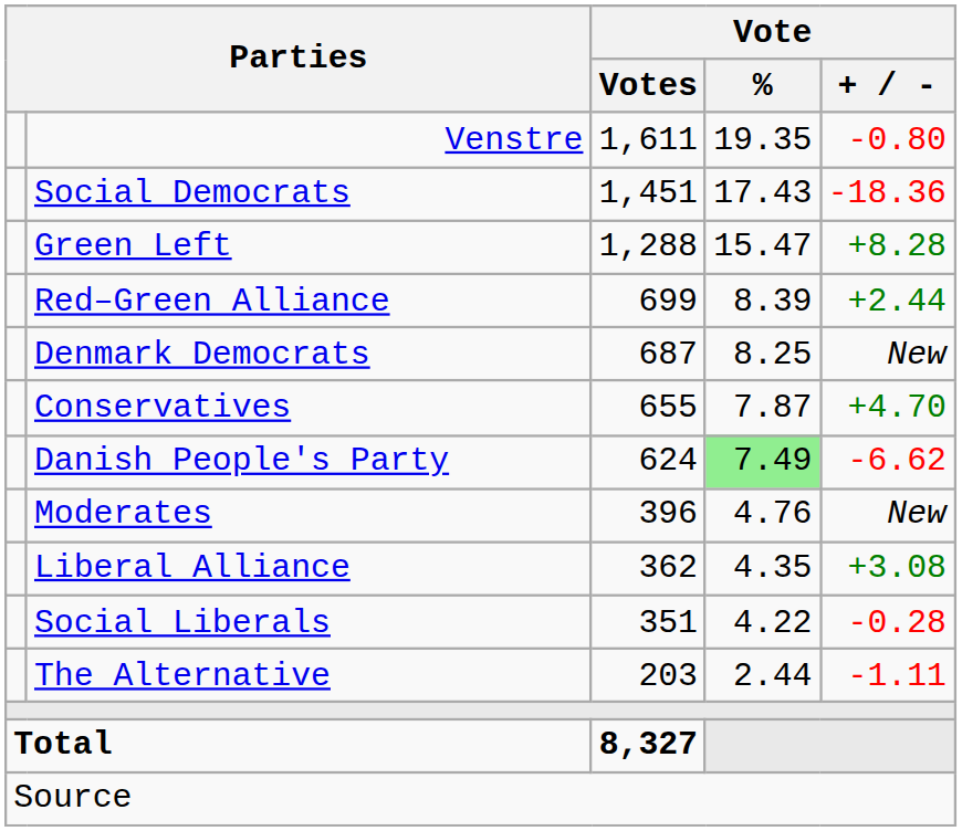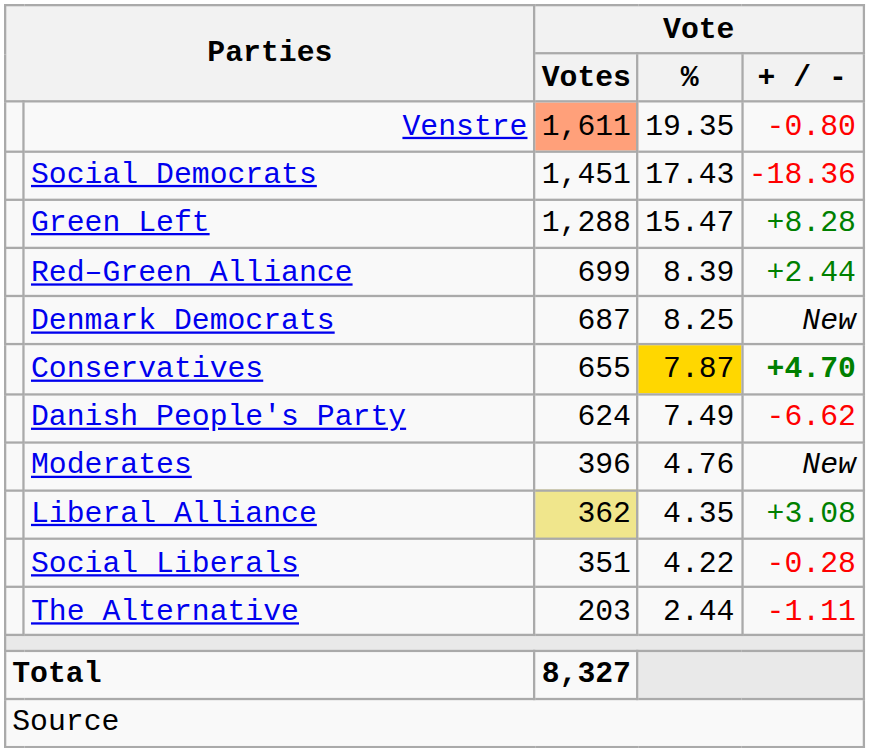 <table class="wikitable" style="text-align:right;">
 <tr>
 <th style="text-align:centre;" rowspan="2" colspan="2" width="225">Parties</th>
 <th colspan="3">Vote</th>
 </tr>
 <tr>
 <th width="15">Votes</th>
 <th width="15">%</th>
 <th width="15">+ / -</th>
 </tr>
 <tr>
 <td width=2 bgcolor=></td>
 <td><a href='#'>Venstre</a></td>
-<td>1,611</td>
+<td style="background: lightsalmon;">1,611</td>
 <td>19.35</td>
 <td style=color:red;>-0.80</td>
 </tr>
 <tr>
 <td width=2 bgcolor=></td>
 <td align=left><a href='#'>Social Democrats</a></td>
 <td>1,451</td>
 <td>17.43</td>
 <td style=color:red;>-18.36</td>
 </tr>
 <tr>
 <td width=2 bgcolor=></td>
 <td align=left><a href='#'>Green Left</a></td>
 <td>1,288</td>
 <td>15.47</td>
 <td style=color:green;>+8.28</td>
 </tr>
 <tr>
 <td width=2 bgcolor=></td>
 <td align=left><a href='#'>Red–Green Alliance</a></td>
 <td>699</td>
 <td>8.39</td>
 <td style=color:green;>+2.44</td>
 </tr>
 <tr>
 <td width=2 bgcolor=></td>
 <td align=left><a href='#'>Denmark Democrats</a></td>
 <td>687</td>
 <td>8.25</td>
 <td><em>New</em></td>
 </tr>
 <tr>
 <td width=2 bgcolor=></td>
 <td align=left><a href='#'>Conservatives</a></td>
 <td>655</td>
-<td>7.87</td>
-<td style=color:green;>+4.70</td>
+<td style="background: gold;">7.87</td>
+<td style=color:green;><strong>+4.70</strong></td>
 </tr>
 <tr>
 <td width=2 bgcolor=></td>
 <td align=left><a href='#'>Danish People's Party</a></td>
 <td>624</td>
-<td style="background: lightgreen;">7.49</td>
+<td>7.49</td>
 <td style=color:red;>-6.62</td>
 </tr>
 <tr>
 <td width=2 bgcolor=></td>
 <td align=left><a href='#'>Moderates</a></td>
 <td>396</td>
 <td>4.76</td>
 <td><em>New</em></td>
 </tr>
 <tr>
 <td width=2 bgcolor=></td>
 <td align=left><a href='#'>Liberal Alliance</a></td>
-<td>362</td>
+<td style="background: khaki;">362</td>
 <td>4.35</td>
 <td style=color:green;>+3.08</td>
 </tr>
 <tr>
 <td width=2 bgcolor=></td>
 <td align=left><a href='#'>Social Liberals</a></td>
 <td>351</td>
 <td>4.22</td>
 <td style=color:red;>-0.28</td>
 </tr>
 <tr>
 <td width=2 bgcolor=></td>
 <td align=left><a href='#'>The Alternative</a></td>
 <td>203</td>
 <td>2.44</td>
 <td style=color:red;>-1.11</td>
 </tr>
 <tr>
 <td colspan="7" bgcolor="#E9E9E9"></td>
 </tr>
 <tr>
 <td align="left" colspan="2"><strong>Total</strong></td>
 <td><strong>8,327</strong></td>
 <td bgcolor=#E9E9E9 colspan=2></td>
 </tr>
 <tr>
 <td align="left" colspan="6">Source</td>
 </tr>
 </table>
